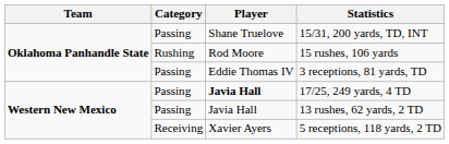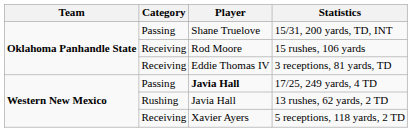 <table class="wikitable" style="float: left;">
 <tr>
 <th>Team</th>
 <th>Category</th>
 <th>Player</th>
 <th>Statistics</th>
 </tr>
 <tr>
 <td rowspan=3><strong>Oklahoma Panhandle State</strong></td>
 <td>Passing</td>
 <td>Shane Truelove</td>
 <td>15/31, 200 yards, TD, INT</td>
 </tr>
 <tr>
-<td>Rushing</td>
+<td>Receiving</td>
 <td>Rod Moore</td>
 <td>15 rushes, 106 yards</td>
 </tr>
 <tr>
-<td>Passing</td>
+<td>Receiving</td>
 <td>Eddie Thomas IV</td>
 <td>3 receptions, 81 yards, TD</td>
 </tr>
 <tr>
 <td rowspan=3><strong>Western New Mexico</strong></td>
 <td>Passing</td>
 <td><strong>Javia Hall</strong></td>
 <td>17/25, 249 yards, 4 TD</td>
 </tr>
 <tr>
-<td>Passing</td>
+<td>Rushing</td>
 <td>Javia Hall</td>
 <td>13 rushes, 62 yards, 2 TD</td>
 </tr>
 <tr>
 <td>Receiving</td>
 <td>Xavier Ayers</td>
 <td>5 receptions, 118 yards, 2 TD</td>
 </tr>
 </table>
